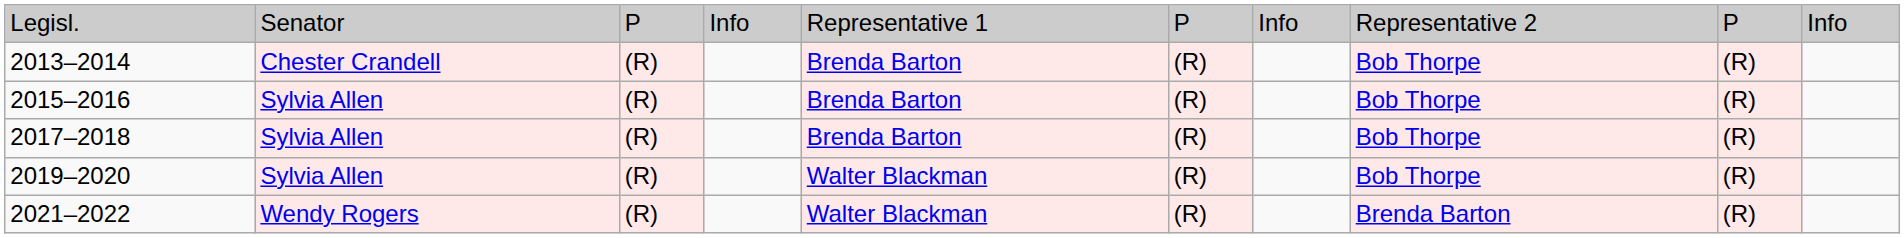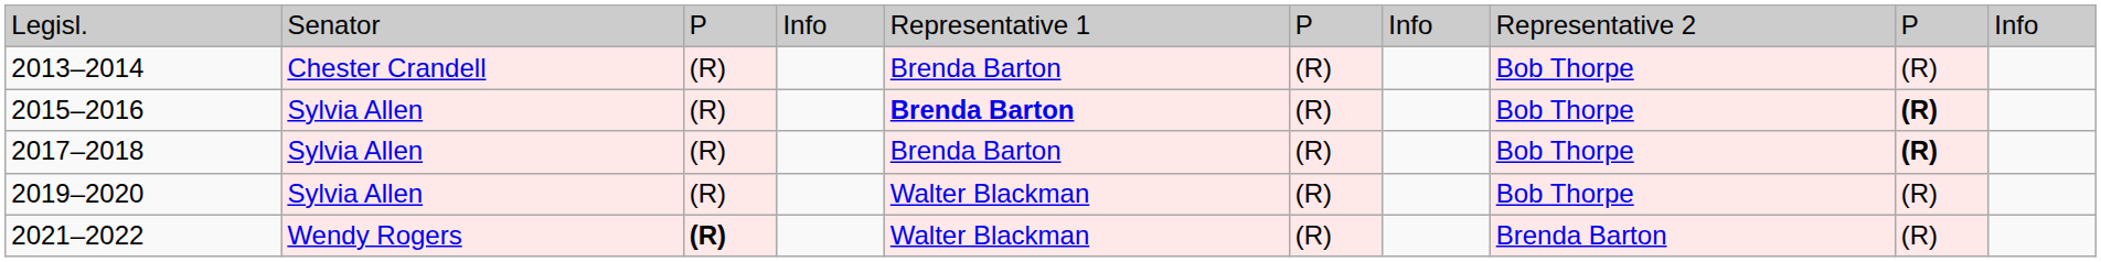 <table class=wikitable width="100%" border="1">
 <tr style="background-color:#cccccc;">
 <td>Legisl.</td>
 <td>Senator</td>
 <td>P</td>
 <td>Info</td>
 <td>Representative 1</td>
 <td>P</td>
 <td>Info</td>
 <td>Representative 2</td>
 <td>P</td>
 <td>Info</td>
 </tr>
 <tr>
 <td>2013–2014</td>
 <td style="background:#FFE8E8"><a href='#'>Chester Crandell</a></td>
 <td style="background:#FFE8E8">(R)</td>
 <td></td>
 <td style="background:#FFE8E8"><a href='#'>Brenda Barton</a></td>
 <td style="background:#FFE8E8">(R)</td>
 <td></td>
 <td style="background:#FFE8E8"><a href='#'>Bob Thorpe</a></td>
 <td style="background:#FFE8E8">(R)</td>
 <td></td>
 </tr>
 <tr>
 <td>2015–2016</td>
 <td style="background:#FFE8E8"><a href='#'>Sylvia Allen</a></td>
 <td style="background:#FFE8E8">(R)</td>
 <td></td>
-<td style="background:#FFE8E8"><a href='#'>Brenda Barton</a></td>
+<td style="background:#FFE8E8"><strong><a href='#'>Brenda Barton</a></strong></td>
 <td style="background:#FFE8E8">(R)</td>
 <td></td>
 <td style="background:#FFE8E8"><a href='#'>Bob Thorpe</a></td>
-<td style="background:#FFE8E8">(R)</td>
+<td style="background:#FFE8E8"><strong>(R)</strong></td>
 <td></td>
 </tr>
 <tr>
 <td>2017–2018</td>
 <td style="background:#FFE8E8"><a href='#'>Sylvia Allen</a></td>
 <td style="background:#FFE8E8">(R)</td>
 <td></td>
 <td style="background:#FFE8E8"><a href='#'>Brenda Barton</a></td>
 <td style="background:#FFE8E8">(R)</td>
 <td></td>
 <td style="background:#FFE8E8"><a href='#'>Bob Thorpe</a></td>
-<td style="background:#FFE8E8">(R)</td>
+<td style="background:#FFE8E8"><strong>(R)</strong></td>
 <td></td>
 </tr>
 <tr>
 <td>2019–2020</td>
 <td style="background:#FFE8E8"><a href='#'>Sylvia Allen</a></td>
 <td style="background:#FFE8E8">(R)</td>
 <td></td>
 <td style="background:#FFE8E8"><a href='#'>Walter Blackman</a></td>
 <td style="background:#FFE8E8">(R)</td>
 <td></td>
 <td style="background:#FFE8E8"><a href='#'>Bob Thorpe</a></td>
 <td style="background:#FFE8E8">(R)</td>
 <td></td>
 </tr>
 <tr>
 <td>2021–2022</td>
 <td style="background:#FFE8E8"><a href='#'>Wendy Rogers</a></td>
-<td style="background:#FFE8E8">(R)</td>
+<td style="background:#FFE8E8"><strong>(R)</strong></td>
 <td></td>
 <td style="background:#FFE8E8"><a href='#'>Walter Blackman</a></td>
 <td style="background:#FFE8E8">(R)</td>
 <td></td>
 <td style="background:#FFE8E8"><a href='#'>Brenda Barton</a></td>
 <td style="background:#FFE8E8">(R)</td>
 <td></td>
 </tr>
 </table>
